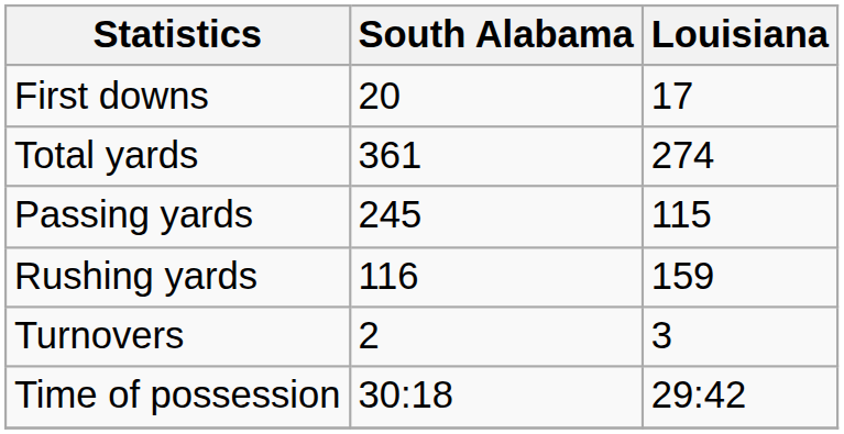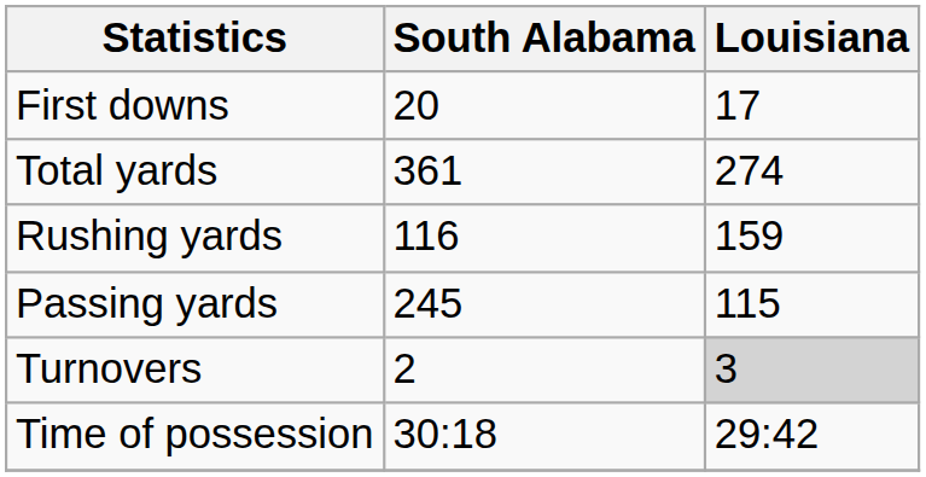 <table class="wikitable">
 <tr>
 <th>Statistics</th>
 <th>South Alabama</th>
 <th>Louisiana</th>
 </tr>
 <tr>
 <td>First downs</td>
 <td>20</td>
 <td>17</td>
 </tr>
 <tr>
 <td>Total yards</td>
 <td>361</td>
 <td>274</td>
 </tr>
 <tr>
+<td>Rushing yards</td>
+<td>116</td>
+<td>159</td>
+</tr>
+<tr>
 <td>Passing yards</td>
 <td>245</td>
 <td>115</td>
 </tr>
 <tr>
-<td>Rushing yards</td>
-<td>116</td>
-<td>159</td>
-</tr>
-<tr>
 <td>Turnovers</td>
 <td>2</td>
-<td>3</td>
+<td style="background: lightgrey;">3</td>
 </tr>
 <tr>
 <td>Time of possession</td>
 <td>30:18</td>
 <td>29:42</td>
 </tr>
 <tr>
 </tr>
 </table>
